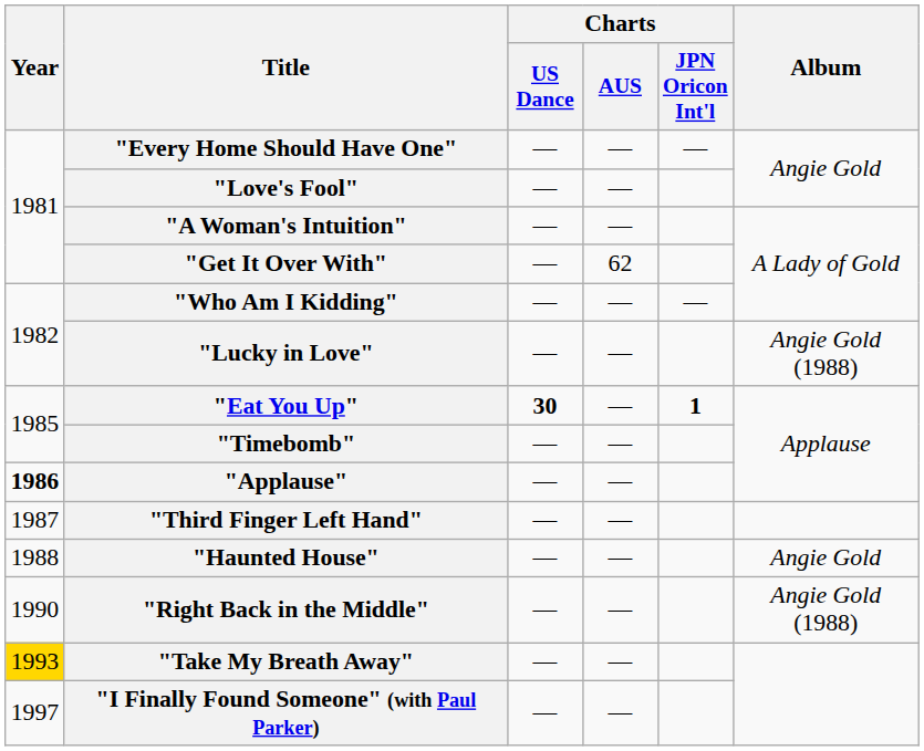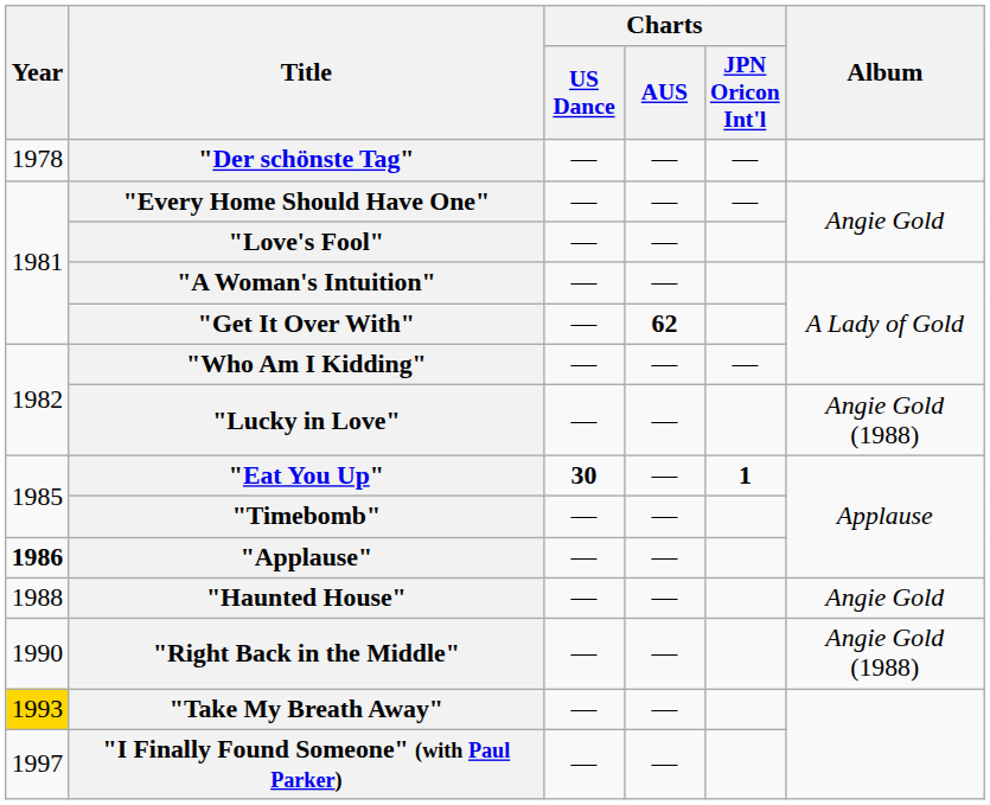 <table class="wikitable plainrowheaders" style="text-align:center">
 <tr>
 <th scope="col" rowspan="2">Year</th>
 <th scope="col" rowspan="2">Title</th>
 <th scope="col" colspan="3">Charts</th>
 <th scope="col" rowspan="2">Album</th>
 </tr>
 <tr>
 <th scope="col" style="width:3em;font-size:90%;" !width="25"><a href='#'>US<br>Dance</a><br></th>
 <th scope="col" style="width:3em;font-size:90%;" !width="25"><a href='#'>AUS</a><br></th>
 <th scope="col" style="width:3em;font-size:90%;" !width="25"><a href='#'>JPN Oricon<br>Int'l</a><br></th>
+</tr>
+<tr>
+<td rowspan="1">1978</td>
+<th scope="row">"<a href='#'>Der schönste Tag</a>"</th>
+<td>—</td>
+<td>—</td>
+<td>—</td>
+<td></td>
 </tr>
 <tr>
 <td rowspan="4">1981</td>
 <th scope="row">"Every Home Should Have One"</th>
 <td>—</td>
 <td>—</td>
 <td>—</td>
 <td rowspan="2"><em>Angie Gold</em></td>
 </tr>
 <tr>
 <th scope="row">"Love's Fool"</th>
 <td>—</td>
 <td>—</td>
 <td></td>
 </tr>
 <tr>
 <th scope="row">"A Woman's Intuition"</th>
 <td>—</td>
 <td>—</td>
 <td></td>
 <td rowspan="3"><em>A Lady of Gold</em></td>
 </tr>
 <tr>
 <th scope="row">"Get It Over With"</th>
 <td>—</td>
-<td>62</td>
+<td><strong>62</strong></td>
 <td></td>
 </tr>
 <tr>
 <td rowspan="2">1982</td>
 <th scope="row">"Who Am I Kidding"</th>
 <td>—</td>
 <td>—</td>
 <td>—</td>
 </tr>
 <tr>
 <th scope="row">"Lucky in Love"</th>
 <td>—</td>
 <td>—</td>
 <td></td>
 <td><em>Angie Gold</em> (1988)</td>
 </tr>
 <tr>
 <td rowspan="2">1985</td>
 <th scope="row">"<a href='#'>Eat You Up</a>"</th>
 <td><strong>30</strong></td>
 <td>—</td>
 <td><strong>1</strong></td>
 <td rowspan="3"><em>Applause</em></td>
 </tr>
 <tr>
 <th scope="row">"Timebomb"</th>
 <td>—</td>
 <td>—</td>
 <td></td>
 </tr>
 <tr>
 <td rowspan="1"><strong>1986</strong></td>
 <th scope="row">"Applause"</th>
 <td>—</td>
 <td>—</td>
 <td></td>
 </tr>
 <tr>
-<td rowspan="1">1987</td>
-<th scope="row">"Third Finger Left Hand"</th>
-<td>—</td>
-<td>—</td>
-<td></td>
-<td></td>
-</tr>
-<tr>
 <td rowspan="1">1988</td>
 <th scope="row">"Haunted House"</th>
 <td>—</td>
 <td>—</td>
 <td></td>
 <td rowspan="1"><em>Angie Gold</em></td>
 </tr>
 <tr>
 <td rowspan="1">1990</td>
 <th scope="row">"Right Back in the Middle"</th>
 <td>—</td>
 <td>—</td>
 <td></td>
 <td><em>Angie Gold</em> (1988)</td>
 </tr>
 <tr>
 <td rowspan="1" style="background: gold;">1993</td>
 <th scope="row">"Take My Breath Away"</th>
 <td>—</td>
 <td>—</td>
 <td></td>
 </tr>
 <tr>
 <td rowspan="1">1997</td>
 <th scope="row">"I Finally Found Someone" <small>(with <a href='#'>Paul Parker</a>)</small></th>
 <td>—</td>
 <td>—</td>
 <td></td>
 </tr>
 </table>
